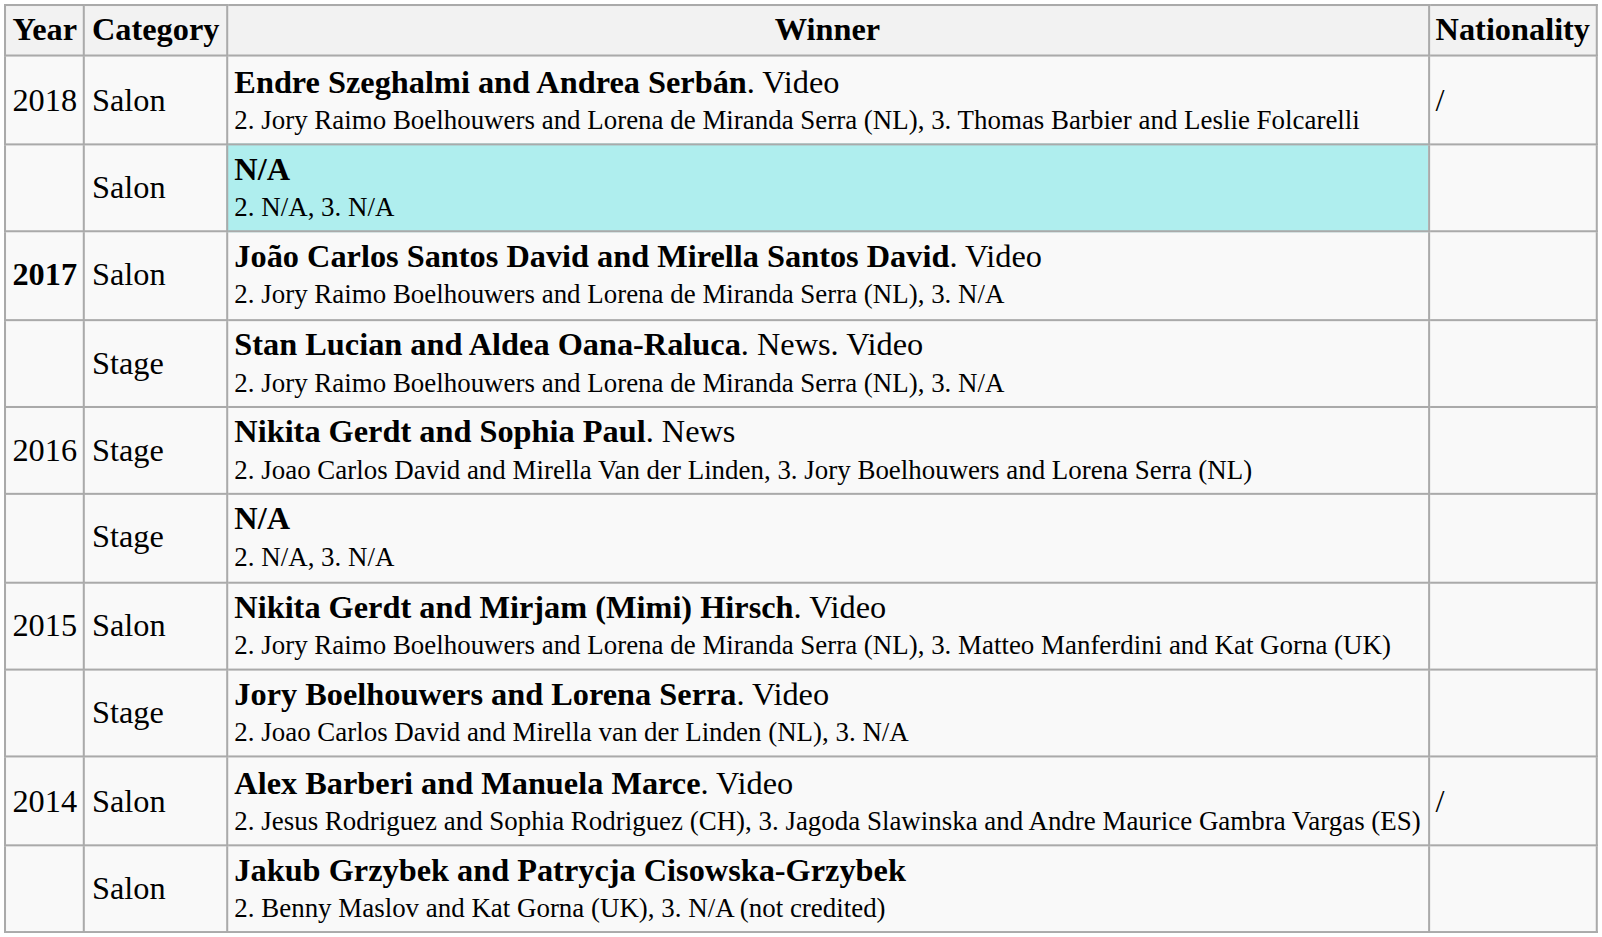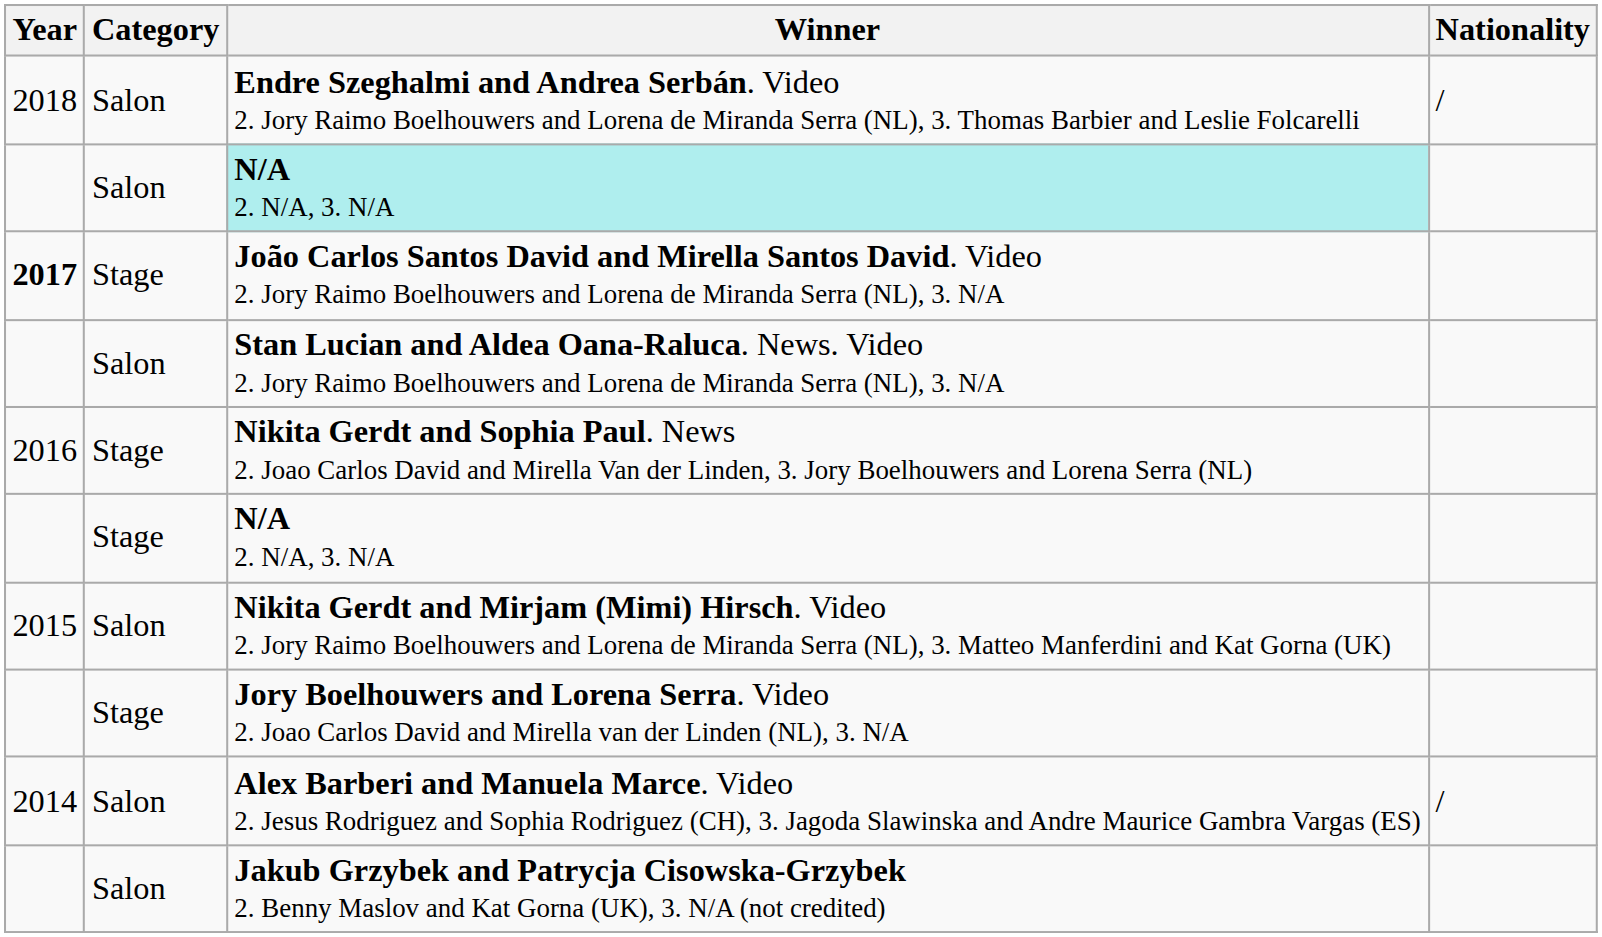 <table class="wikitable sortable">
 <tr>
 <th>Year</th>
 <th>Category</th>
 <th>Winner</th>
 <th>Nationality</th>
 </tr>
 <tr>
 <td>2018</td>
 <td>Salon</td>
 <td><strong>Endre Szeghalmi and Andrea Serbán</strong>. Video<br><small>2. Jory Raimo Boelhouwers and Lorena de Miranda Serra (NL), 3. Thomas Barbier and Leslie Folcarelli </small></td>
 <td> / </td>
 </tr>
 <tr>
 <td></td>
 <td>Salon</td>
 <td style="background: paleturquoise;"><strong>N/A</strong><br><small>2. N/A, 3. N/A </small></td>
 <td></td>
 </tr>
 <tr>
 <td><strong>2017</strong></td>
-<td>Salon</td>
+<td>Stage</td>
 <td><strong>João Carlos Santos David and Mirella Santos David</strong>. Video<br><small>2. Jory Raimo Boelhouwers and Lorena de Miranda Serra (NL), 3. N/A </small></td>
 <td></td>
 </tr>
 <tr>
 <td></td>
-<td>Stage</td>
+<td>Salon</td>
 <td><strong>Stan Lucian and Aldea Oana-Raluca</strong>. News. Video<br><small>2. Jory Raimo Boelhouwers and Lorena de Miranda Serra (NL), 3. N/A </small></td>
 <td></td>
 </tr>
 <tr>
 <td>2016</td>
 <td>Stage</td>
 <td><strong>Nikita Gerdt and Sophia Paul</strong>. News<br><small>2. Joao Carlos David and Mirella Van der Linden, 3. Jory Boelhouwers and Lorena Serra (NL)</small></td>
 <td></td>
 </tr>
 <tr>
 <td></td>
 <td>Stage</td>
 <td><strong>N/A</strong><br><small>2. N/A, 3. N/A </small></td>
 <td></td>
 </tr>
 <tr>
 <td>2015</td>
 <td>Salon</td>
 <td><strong>Nikita Gerdt and Mirjam (Mimi) Hirsch</strong>. Video<br><small>2. Jory Raimo Boelhouwers and Lorena de Miranda Serra (NL), 3. Matteo Manferdini and Kat Gorna (UK)</small></td>
 <td></td>
 </tr>
 <tr>
 <td></td>
 <td>Stage</td>
 <td><strong>Jory Boelhouwers and Lorena Serra</strong>. Video<br><small>2. Joao Carlos David and Mirella van der Linden (NL), 3. N/A </small></td>
 <td></td>
 </tr>
 <tr>
 <td>2014</td>
 <td>Salon</td>
 <td><strong>Alex Barberi and Manuela Marce</strong>. Video<br><small>2. Jesus Rodriguez and Sophia Rodriguez (CH), 3. Jagoda Slawinska and Andre Maurice Gambra Vargas (ES)</small></td>
 <td> / </td>
 </tr>
 <tr>
 <td></td>
 <td>Salon</td>
 <td><strong>Jakub Grzybek and Patrycja Cisowska-Grzybek</strong><br><small>2. Benny Maslov and Kat Gorna (UK), 3. N/A (not credited)</small></td>
 <td></td>
 </tr>
 <tr>
 </tr>
 </table>
